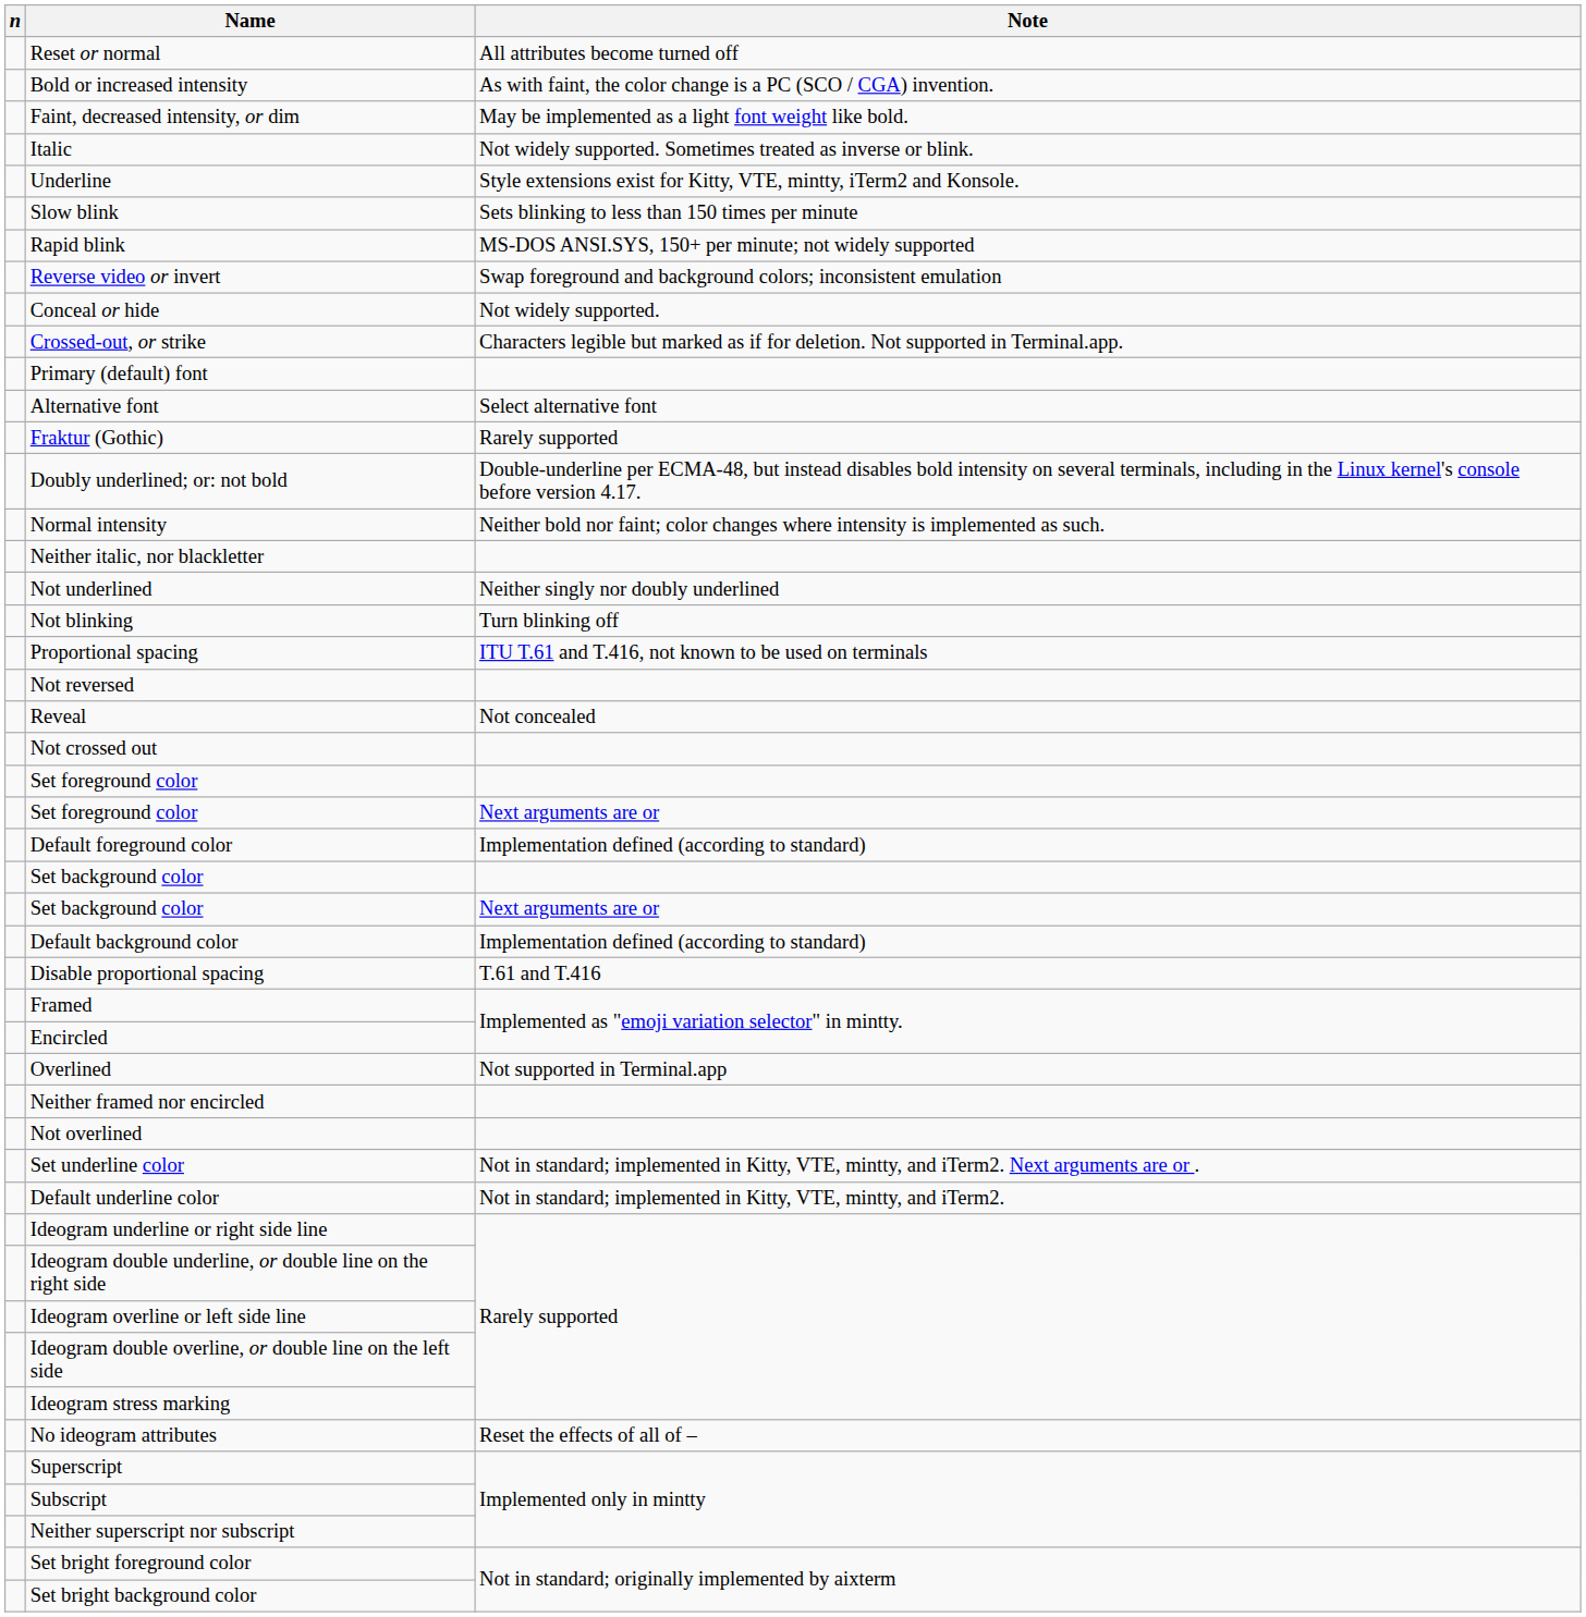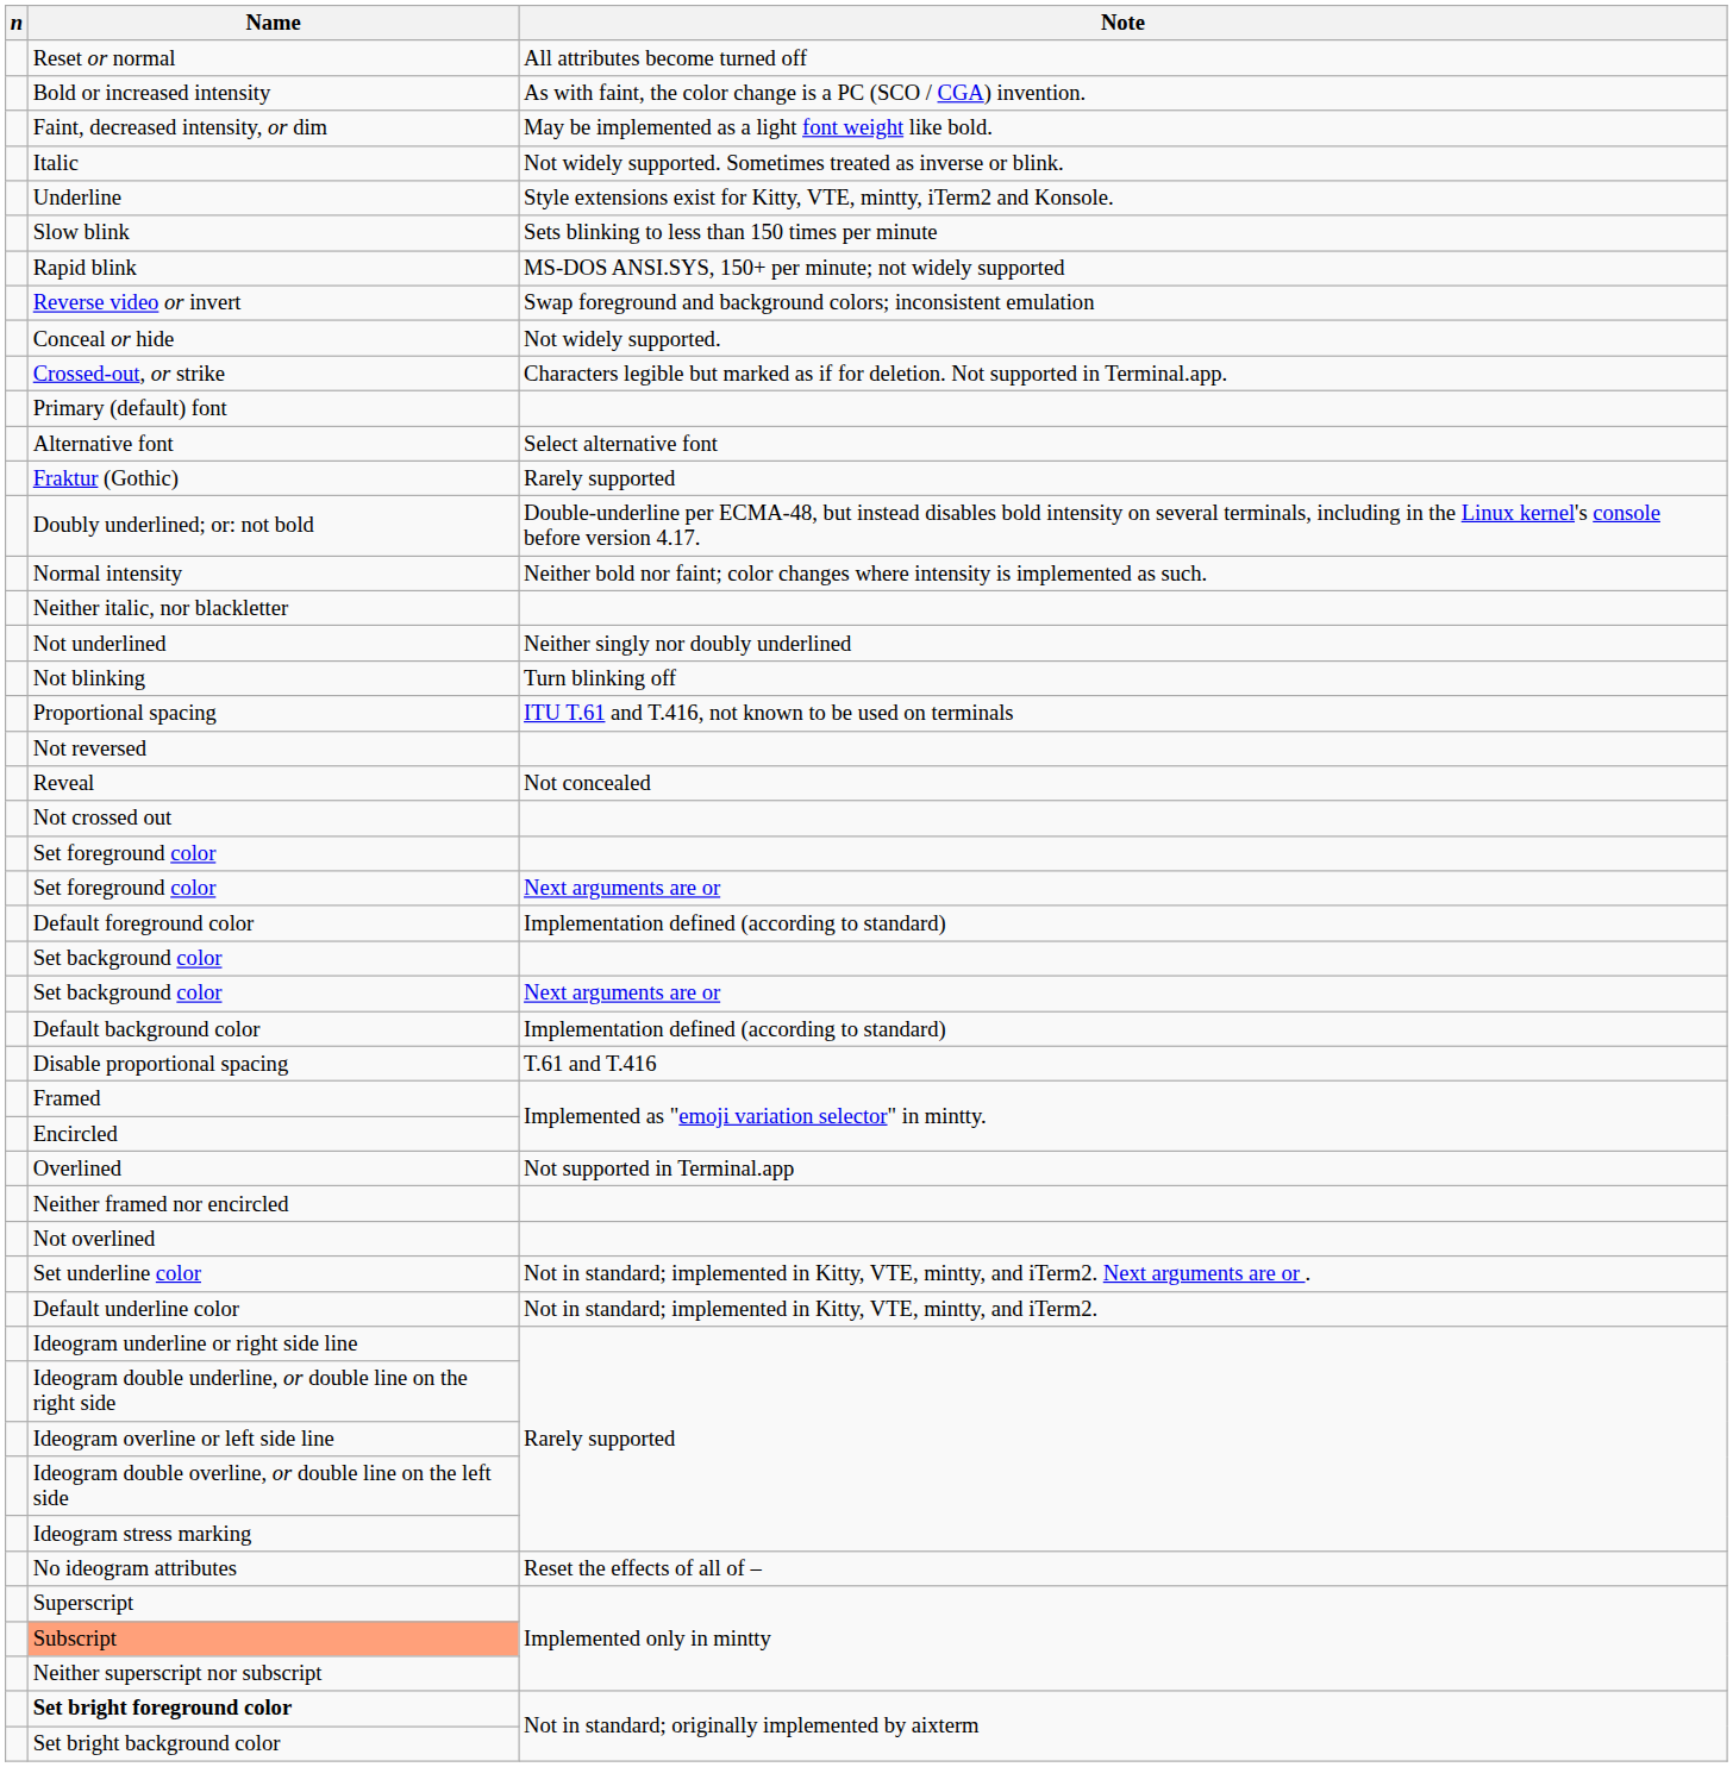 <table class="wikitable">
 <tr>
 <th><em>n</em></th>
 <th>Name</th>
 <th>Note</th>
 </tr>
 <tr>
 <td></td>
 <td>Reset <em>or</em> normal</td>
 <td>All attributes become turned off</td>
 </tr>
 <tr>
 <td></td>
 <td>Bold or increased intensity</td>
 <td>As with faint, the color change is a PC (SCO / <a href='#'>CGA</a>) invention.</td>
 </tr>
 <tr>
 <td></td>
 <td>Faint, decreased intensity, <em>or</em> dim</td>
 <td> May be implemented as a light <a href='#'>font weight</a> like bold.</td>
 </tr>
 <tr>
 <td></td>
 <td>Italic</td>
 <td>Not widely supported. Sometimes treated as inverse or blink.</td>
 </tr>
 <tr>
 <td></td>
 <td>Underline</td>
 <td>Style extensions exist for Kitty, VTE, mintty, iTerm2 and Konsole.</td>
 </tr>
 <tr>
 <td></td>
 <td>Slow blink</td>
 <td>Sets blinking to less than 150 times per minute</td>
 </tr>
 <tr>
 <td></td>
 <td>Rapid blink</td>
 <td>MS-DOS ANSI.SYS, 150+ per minute; not widely supported</td>
 </tr>
 <tr>
 <td></td>
 <td><a href='#'>Reverse video</a> <em>or</em> invert</td>
 <td>Swap foreground and background colors; inconsistent emulation</td>
 </tr>
 <tr>
 <td></td>
 <td>Conceal <em>or</em> hide</td>
 <td>Not widely supported.</td>
 </tr>
 <tr>
 <td></td>
 <td><a href='#'>Crossed-out</a>, <em>or</em> strike</td>
 <td>Characters legible but marked as if for deletion. Not supported in Terminal.app.</td>
 </tr>
 <tr>
 <td></td>
 <td>Primary (default) font</td>
 <td></td>
 </tr>
 <tr>
 <td></td>
 <td>Alternative font</td>
 <td>Select alternative font </td>
 </tr>
 <tr>
 <td></td>
 <td><a href='#'>Fraktur</a> (Gothic)</td>
 <td>Rarely supported</td>
 </tr>
 <tr>
 <td></td>
 <td>Doubly underlined; or: not bold</td>
 <td>Double-underline per ECMA-48, but instead disables bold intensity on several terminals, including in the <a href='#'>Linux kernel</a>'s <a href='#'>console</a> before version 4.17.</td>
 </tr>
 <tr>
 <td></td>
 <td>Normal intensity</td>
 <td>Neither bold nor faint; color changes where intensity is implemented as such.</td>
 </tr>
 <tr>
 <td></td>
 <td>Neither italic, nor blackletter</td>
 <td></td>
 </tr>
 <tr>
 <td></td>
 <td>Not underlined</td>
 <td>Neither singly nor doubly underlined</td>
 </tr>
 <tr>
 <td></td>
 <td>Not blinking</td>
 <td>Turn blinking off</td>
 </tr>
 <tr>
 <td></td>
 <td>Proportional spacing</td>
 <td><a href='#'>ITU T.61</a> and T.416, not known to be used on terminals</td>
 </tr>
 <tr>
 <td></td>
 <td>Not reversed</td>
 <td></td>
 </tr>
 <tr>
 <td></td>
 <td>Reveal</td>
 <td>Not concealed</td>
 </tr>
 <tr>
 <td></td>
 <td>Not crossed out</td>
 <td></td>
 </tr>
 <tr>
 <td></td>
 <td>Set foreground <a href='#'>color</a></td>
 <td></td>
 </tr>
 <tr>
 <td></td>
 <td>Set foreground <a href='#'>color</a></td>
 <td><a href='#'>Next arguments are  or </a></td>
 </tr>
 <tr>
 <td></td>
 <td>Default foreground color</td>
 <td>Implementation defined (according to standard)</td>
 </tr>
 <tr>
 <td></td>
 <td>Set background <a href='#'>color</a></td>
 <td></td>
 </tr>
 <tr>
 <td></td>
 <td>Set background <a href='#'>color</a></td>
 <td><a href='#'>Next arguments are  or </a></td>
 </tr>
 <tr>
 <td></td>
 <td>Default background color</td>
 <td>Implementation defined (according to standard)</td>
 </tr>
 <tr>
 <td></td>
 <td>Disable proportional spacing</td>
 <td>T.61 and T.416</td>
 </tr>
 <tr>
 <td></td>
 <td>Framed</td>
 <td rowspan=2>Implemented as "<a href='#'>emoji variation selector</a>" in mintty.</td>
 </tr>
 <tr>
 <td></td>
 <td>Encircled</td>
 </tr>
 <tr>
 <td></td>
 <td>Overlined</td>
 <td>Not supported in Terminal.app</td>
 </tr>
 <tr>
 <td></td>
 <td>Neither framed nor encircled</td>
 <td></td>
 </tr>
 <tr>
 <td></td>
 <td>Not overlined</td>
 <td></td>
 </tr>
 <tr>
 <td></td>
 <td>Set underline <a href='#'>color</a></td>
 <td>Not in standard; implemented in Kitty, VTE, mintty, and iTerm2. <a href='#'>Next arguments are  or </a>.</td>
 </tr>
 <tr>
 <td></td>
 <td>Default underline color</td>
 <td>Not in standard; implemented in Kitty, VTE, mintty, and iTerm2.</td>
 </tr>
 <tr>
 <td></td>
 <td>Ideogram underline or right side line</td>
 <td rowspan="5">Rarely supported</td>
 </tr>
 <tr>
 <td></td>
 <td>Ideogram double underline, <em>or</em> double line on the right side</td>
 </tr>
 <tr>
 <td></td>
 <td>Ideogram overline or left side line</td>
 </tr>
 <tr>
 <td></td>
 <td>Ideogram double overline, <em>or</em> double line on the left side</td>
 </tr>
 <tr>
 <td></td>
 <td>Ideogram stress marking</td>
 </tr>
 <tr>
 <td></td>
 <td>No ideogram attributes</td>
 <td>Reset the effects of all of –</td>
 </tr>
 <tr>
 <td></td>
 <td>Superscript</td>
 <td rowspan=3>Implemented only in mintty</td>
 </tr>
 <tr>
 <td></td>
-<td>Subscript</td>
+<td style="background: lightsalmon;">Subscript</td>
 </tr>
 <tr>
 <td></td>
 <td>Neither superscript nor subscript</td>
 </tr>
 <tr>
 <td></td>
-<td>Set bright foreground color</td>
+<td><strong>Set bright foreground color</strong></td>
 <td rowspan=2>Not in standard; originally implemented by aixterm</td>
 </tr>
 <tr>
 <td></td>
 <td>Set bright background color</td>
 </tr>
 </table>
